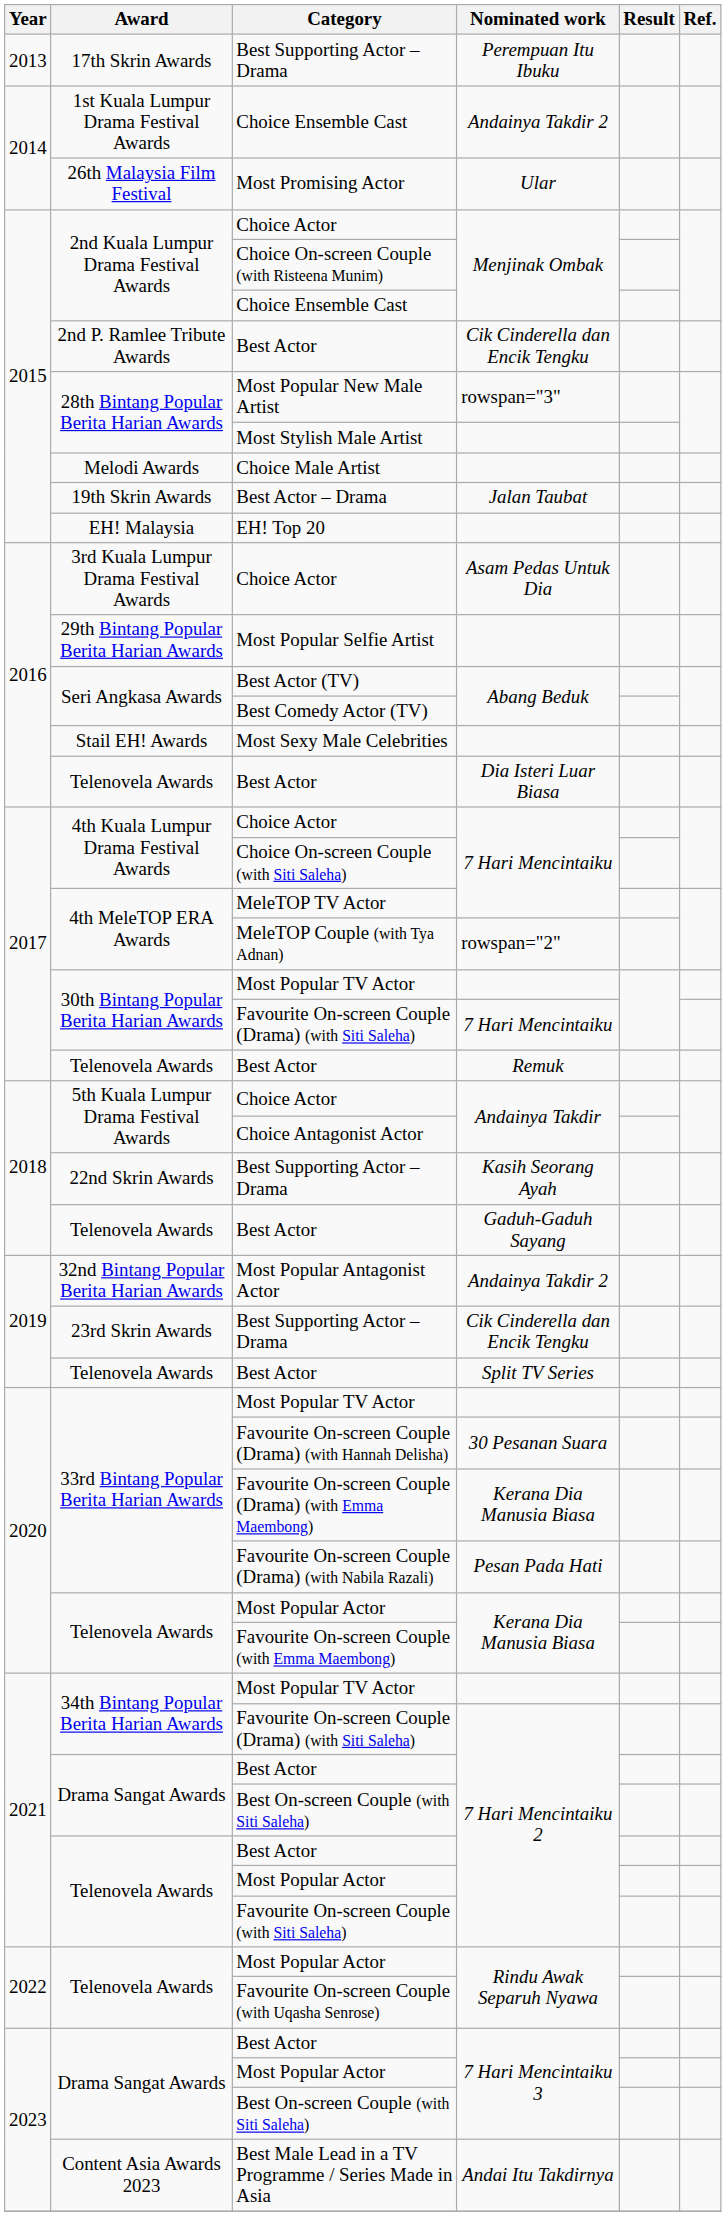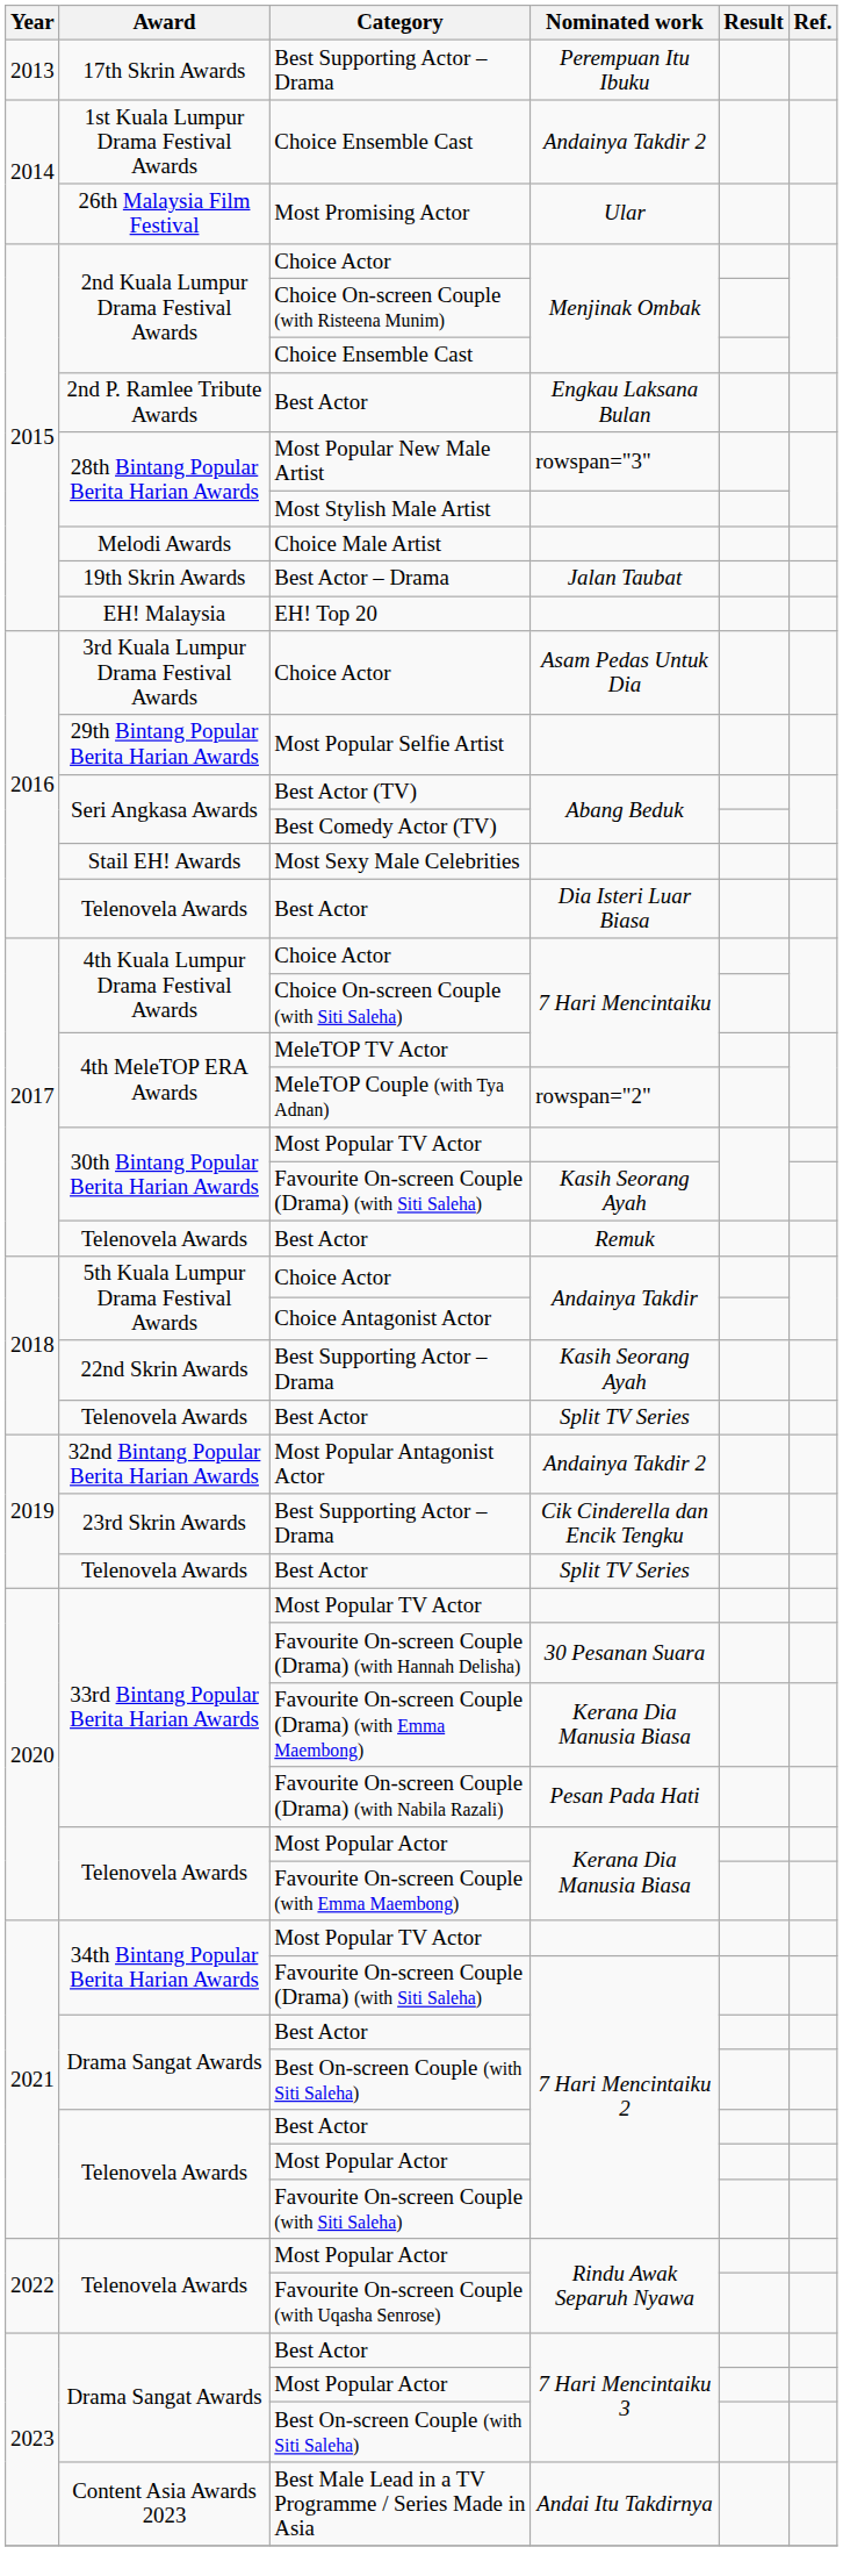 <table class="wikitable">
 <tr style="text-align:center;">
 <th>Year</th>
 <th>Award</th>
 <th>Category</th>
 <th>Nominated work</th>
 <th>Result</th>
 <th>Ref.</th>
 </tr>
 <tr>
 <td>2013</td>
 <td style="text-align:center;">17th Skrin Awards</td>
 <td>Best Supporting Actor – Drama</td>
 <td style="text-align:center;"><em>Perempuan Itu Ibuku</em></td>
 <td></td>
 <td></td>
 </tr>
 <tr>
 <td rowspan="2">2014</td>
 <td style="text-align:center;">1st Kuala Lumpur Drama Festival Awards</td>
 <td>Choice Ensemble Cast</td>
 <td style="text-align:center;"><em>Andainya Takdir 2</em></td>
 <td></td>
 <td></td>
 </tr>
 <tr>
 <td style="text-align:center;">26th <a href='#'>Malaysia Film Festival</a></td>
 <td>Most Promising Actor</td>
 <td style="text-align:center;"><em>Ular</em></td>
 <td></td>
 <td></td>
 </tr>
 <tr>
 <td rowspan="9">2015</td>
 <td rowspan="3" style="text-align:center;">2nd Kuala Lumpur Drama Festival Awards</td>
 <td>Choice Actor</td>
 <td rowspan="3" style="text-align:center;"><em>Menjinak Ombak</em></td>
 <td></td>
 <td rowspan="3"></td>
 </tr>
 <tr>
 <td>Choice On-screen Couple <small>(with Risteena Munim)</small></td>
 <td></td>
 </tr>
 <tr>
 <td>Choice Ensemble Cast</td>
 <td></td>
 </tr>
 <tr>
 <td style="text-align:center;">2nd P. Ramlee Tribute Awards</td>
 <td>Best Actor</td>
-<td style="text-align:center;"><em>Cik Cinderella dan Encik Tengku</em></td>
+<td style="text-align:center;"><em>Engkau Laksana Bulan</em></td>
 <td></td>
 <td></td>
 </tr>
 <tr>
 <td rowspan="2" style="text-align:center;">28th <a href='#'>Bintang Popular Berita Harian Awards</a></td>
 <td>Most Popular New Male Artist</td>
 <td>rowspan="3" </td>
 <td></td>
 <td rowspan="2"></td>
 </tr>
 <tr>
 <td>Most Stylish Male Artist</td>
 <td></td>
 </tr>
 <tr>
 <td style="text-align:center;">Melodi Awards</td>
 <td>Choice Male Artist</td>
 <td></td>
 <td></td>
 </tr>
 <tr>
 <td style="text-align:center;">19th Skrin Awards</td>
 <td>Best Actor – Drama</td>
 <td style="text-align:center;"><em>Jalan Taubat</em></td>
 <td></td>
 <td></td>
 </tr>
 <tr>
 <td style="text-align:center;">EH! Malaysia</td>
 <td>EH! Top 20</td>
 <td></td>
 <td></td>
 <td></td>
 </tr>
 <tr>
 <td rowspan="6">2016</td>
 <td style="text-align:center;">3rd Kuala Lumpur Drama Festival Awards</td>
 <td>Choice Actor</td>
 <td style="text-align:center;"><em>Asam Pedas Untuk Dia</em></td>
 <td></td>
 <td></td>
 </tr>
 <tr>
 <td style="text-align:center;">29th <a href='#'>Bintang Popular Berita Harian Awards</a></td>
 <td>Most Popular Selfie Artist</td>
 <td></td>
 <td></td>
 <td></td>
 </tr>
 <tr>
 <td rowspan="2" style="text-align:center;">Seri Angkasa Awards</td>
 <td>Best Actor (TV)</td>
 <td rowspan="2" style="text-align:center;"><em>Abang Beduk</em></td>
 <td></td>
 <td rowspan="2"></td>
 </tr>
 <tr>
 <td>Best Comedy Actor (TV)</td>
 <td></td>
 </tr>
 <tr>
 <td style="text-align:center;">Stail EH! Awards</td>
 <td>Most Sexy Male Celebrities</td>
 <td></td>
 <td></td>
 <td></td>
 </tr>
 <tr>
 <td style="text-align:center;">Telenovela Awards</td>
 <td>Best Actor</td>
 <td style="text-align:center;"><em>Dia Isteri Luar Biasa</em></td>
 <td></td>
 <td></td>
 </tr>
 <tr>
 <td rowspan="7">2017</td>
 <td rowspan="2" style="text-align:center;">4th Kuala Lumpur Drama Festival Awards</td>
 <td>Choice Actor</td>
 <td rowspan="3" style="text-align:center;"><em>7 Hari Mencintaiku</em></td>
 <td></td>
 <td rowspan="2"></td>
 </tr>
 <tr>
 <td>Choice On-screen Couple <small>(with <a href='#'>Siti Saleha</a>)</small></td>
 <td></td>
 </tr>
 <tr>
 <td rowspan="2" style="text-align:center;">4th MeleTOP ERA Awards</td>
 <td>MeleTOP TV Actor</td>
 <td></td>
 <td rowspan="2"></td>
 </tr>
 <tr>
 <td>MeleTOP Couple <small>(with Tya Adnan)</small></td>
 <td>rowspan="2" </td>
 <td></td>
 </tr>
 <tr>
 <td rowspan="2" style="text-align:center;">30th <a href='#'>Bintang Popular Berita Harian Awards</a></td>
 <td>Most Popular TV Actor</td>
 <td></td>
 <td rowspan="2"></td>
 </tr>
 <tr>
 <td>Favourite On-screen Couple (Drama) <small>(with <a href='#'>Siti Saleha</a>)</small></td>
-<td style="text-align:center;"><em>7 Hari Mencintaiku</em></td>
+<td style="text-align:center;"><em>Kasih Seorang Ayah</em></td>
 <td></td>
 </tr>
 <tr>
 <td style="text-align:center;">Telenovela Awards</td>
 <td>Best Actor</td>
 <td style="text-align:center;"><em>Remuk</em></td>
 <td></td>
 <td></td>
 </tr>
 <tr>
 <td rowspan="4">2018</td>
 <td rowspan="2" style="text-align:center;">5th Kuala Lumpur Drama Festival Awards</td>
 <td>Choice Actor</td>
 <td rowspan="2" style="text-align:center;"><em>Andainya Takdir</em></td>
 <td></td>
 <td rowspan="2"></td>
 </tr>
 <tr>
 <td>Choice Antagonist Actor</td>
 <td></td>
 </tr>
 <tr>
 <td style="text-align:center;">22nd Skrin Awards</td>
 <td>Best Supporting Actor – Drama</td>
 <td style="text-align:center;"><em>Kasih Seorang Ayah</em></td>
 <td></td>
 <td></td>
 </tr>
 <tr>
 <td style="text-align:center;">Telenovela Awards</td>
 <td>Best Actor</td>
-<td style="text-align:center;"><em>Gaduh-Gaduh Sayang</em></td>
+<td style="text-align:center;"><em>Split TV Series</em></td>
 <td></td>
 <td></td>
 </tr>
 <tr>
 <td rowspan="3">2019</td>
 <td style="text-align:center;">32nd <a href='#'>Bintang Popular Berita Harian Awards</a></td>
 <td>Most Popular Antagonist Actor</td>
 <td style="text-align:center;"><em>Andainya Takdir 2</em></td>
 <td></td>
 <td></td>
 </tr>
 <tr>
 <td style="text-align:center;">23rd Skrin Awards</td>
 <td>Best Supporting Actor – Drama</td>
 <td style="text-align:center;"><em>Cik Cinderella dan Encik Tengku</em></td>
 <td></td>
 <td></td>
 </tr>
 <tr>
 <td style="text-align:center;">Telenovela Awards</td>
 <td>Best Actor</td>
 <td style="text-align:center;"><em>Split TV Series</em></td>
 <td></td>
 <td></td>
 </tr>
 <tr>
 <td rowspan="6">2020</td>
 <td rowspan="4" style="text-align:center;">33rd <a href='#'>Bintang Popular Berita Harian Awards</a></td>
 <td>Most Popular TV Actor</td>
 <td></td>
 <td></td>
 <td></td>
 </tr>
 <tr>
 <td>Favourite On-screen Couple (Drama) <small>(with Hannah Delisha)</small></td>
 <td style="text-align:center;"><em>30 Pesanan Suara</em></td>
 <td></td>
 <td></td>
 </tr>
 <tr>
 <td>Favourite On-screen Couple (Drama) <small>(with <a href='#'>Emma Maembong</a>)</small></td>
 <td style="text-align:center;"><em>Kerana Dia Manusia Biasa</em></td>
 <td></td>
 <td></td>
 </tr>
 <tr>
 <td>Favourite On-screen Couple (Drama) <small>(with Nabila Razali)</small></td>
 <td style="text-align:center;"><em>Pesan Pada Hati</em></td>
 <td></td>
 <td></td>
 </tr>
 <tr>
 <td rowspan="2" style="text-align:center;">Telenovela Awards</td>
 <td>Most Popular Actor</td>
 <td rowspan="2" style="text-align:center;"><em>Kerana Dia Manusia Biasa</em></td>
 <td></td>
 <td></td>
 </tr>
 <tr>
 <td>Favourite On-screen Couple <small>(with <a href='#'>Emma Maembong</a>)</small></td>
 <td></td>
 <td></td>
 </tr>
 <tr>
 <td rowspan="7">2021</td>
 <td rowspan="2" style="text-align:center;">34th <a href='#'>Bintang Popular Berita Harian Awards</a></td>
 <td>Most Popular TV Actor</td>
 <td></td>
 <td></td>
 <td></td>
 </tr>
 <tr>
 <td>Favourite On-screen Couple (Drama) <small>(with <a href='#'>Siti Saleha</a>)</small></td>
 <td rowspan="6" style="text-align:center;"><em>7 Hari Mencintaiku 2</em></td>
 <td></td>
 <td></td>
 </tr>
 <tr>
 <td rowspan="2" style="text-align:center;">Drama Sangat Awards</td>
 <td>Best Actor</td>
 <td></td>
 <td></td>
 </tr>
 <tr>
 <td>Best On-screen Couple <small>(with <a href='#'>Siti Saleha</a>)</small></td>
 <td></td>
 <td></td>
 </tr>
 <tr>
 <td rowspan="3" style="text-align:center;">Telenovela Awards</td>
 <td>Best Actor</td>
 <td></td>
 <td></td>
 </tr>
 <tr>
 <td>Most Popular Actor</td>
 <td></td>
 <td></td>
 </tr>
 <tr>
 <td>Favourite On-screen Couple <small>(with <a href='#'>Siti Saleha</a>)</small></td>
 <td></td>
 <td></td>
 </tr>
 <tr>
 <td rowspan="2">2022</td>
 <td rowspan="2" style="text-align:center;">Telenovela Awards</td>
 <td>Most Popular Actor</td>
 <td rowspan="2" style="text-align:center;"><em>Rindu Awak Separuh Nyawa</em></td>
 <td></td>
 <td></td>
 </tr>
 <tr>
 <td>Favourite On-screen Couple <small>(with Uqasha Senrose)</small></td>
 <td></td>
 <td></td>
 </tr>
 <tr>
 <td rowspan="4">2023</td>
 <td rowspan="3" style="text-align:center;">Drama Sangat Awards</td>
 <td>Best Actor</td>
 <td rowspan="3" style="text-align:center;"><em>7 Hari Mencintaiku 3</em></td>
 <td></td>
 <td></td>
 </tr>
 <tr>
 <td>Most Popular Actor</td>
 <td></td>
 <td></td>
 </tr>
 <tr>
 <td>Best On-screen Couple <small>(with <a href='#'>Siti Saleha</a>)</small></td>
 <td></td>
 <td></td>
 </tr>
 <tr>
 <td rowspan="1" style="text-align:center;">Content Asia Awards 2023</td>
 <td>Best Male Lead in a TV Programme / Series Made in Asia</td>
 <td rowspan="1" style="text-align:center;"><em>Andai Itu Takdirnya</em></td>
 <td></td>
 <td></td>
 </tr>
 <tr>
 </tr>
 </table>
